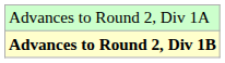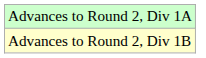 <table class="wikitable">
 <tr width=10px bgcolor=ccffcc>
 <td>Advances to Round 2, Div 1A</td>
 </tr>
 <tr width=10px bgcolor=ffffcc>
-<td><strong>Advances to Round 2, Div 1B</strong></td>
+<td>Advances to Round 2, Div 1B</td>
 </tr>
 </table>
